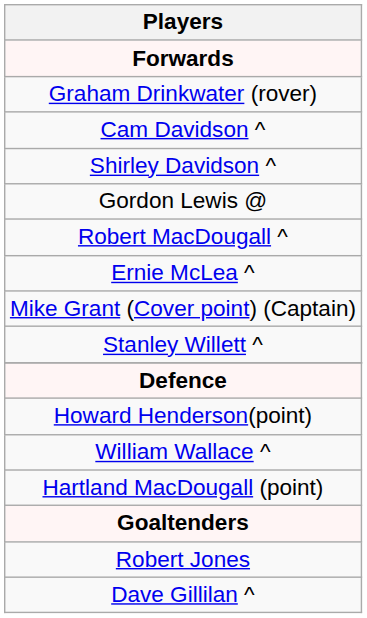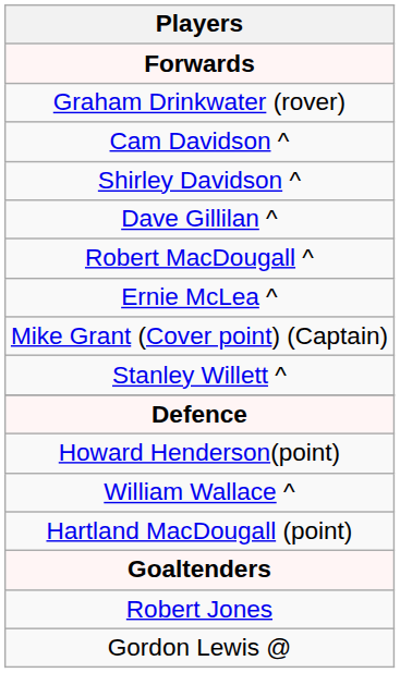 <table class="wikitable" style="text-align:center;">
 <tr>
 <th>Players</th>
 </tr>
 <tr style="font-weight:bold; background-color:#FFF5F5;">
 <td colspan="1" align="center"><strong>Forwards</strong></td>
 </tr>
 <tr>
 <td><a href='#'>Graham Drinkwater</a> (rover)</td>
 </tr>
 <tr>
 <td><a href='#'>Cam Davidson</a> ^</td>
 </tr>
 <tr>
 <td><a href='#'>Shirley Davidson</a> ^</td>
 </tr>
 <tr>
-<td>Gordon Lewis @</td>
+<td><a href='#'>Dave Gillilan</a> ^</td>
 </tr>
 <tr>
 <td><a href='#'>Robert MacDougall</a> ^</td>
 </tr>
 <tr>
 <td><a href='#'>Ernie McLea</a> ^</td>
 </tr>
 <tr>
 <td><a href='#'>Mike Grant</a> (<a href='#'>Cover point</a>) (Captain)</td>
 </tr>
 <tr>
 <td><a href='#'>Stanley Willett</a> ^</td>
 </tr>
 <tr>
 </tr>
 <tr style="font-weight:bold; background-color:#FFF5F5;">
 <td colspan="1" align="center"><strong>Defence</strong></td>
 </tr>
 <tr>
 <td><a href='#'>Howard Henderson</a>(point)</td>
 </tr>
 <tr>
 <td><a href='#'>William Wallace</a> ^</td>
 </tr>
 <tr>
 <td><a href='#'>Hartland MacDougall</a> (point)</td>
 </tr>
 <tr style="font-weight:bold; background-color:#FFF5F5;">
 <td colspan="1" align="center"><strong>Goaltenders</strong></td>
 </tr>
 <tr>
 <td><a href='#'>Robert Jones</a></td>
 </tr>
 <tr>
-<td><a href='#'>Dave Gillilan</a> ^</td>
+<td>Gordon Lewis @</td>
 </tr>
 </table>
